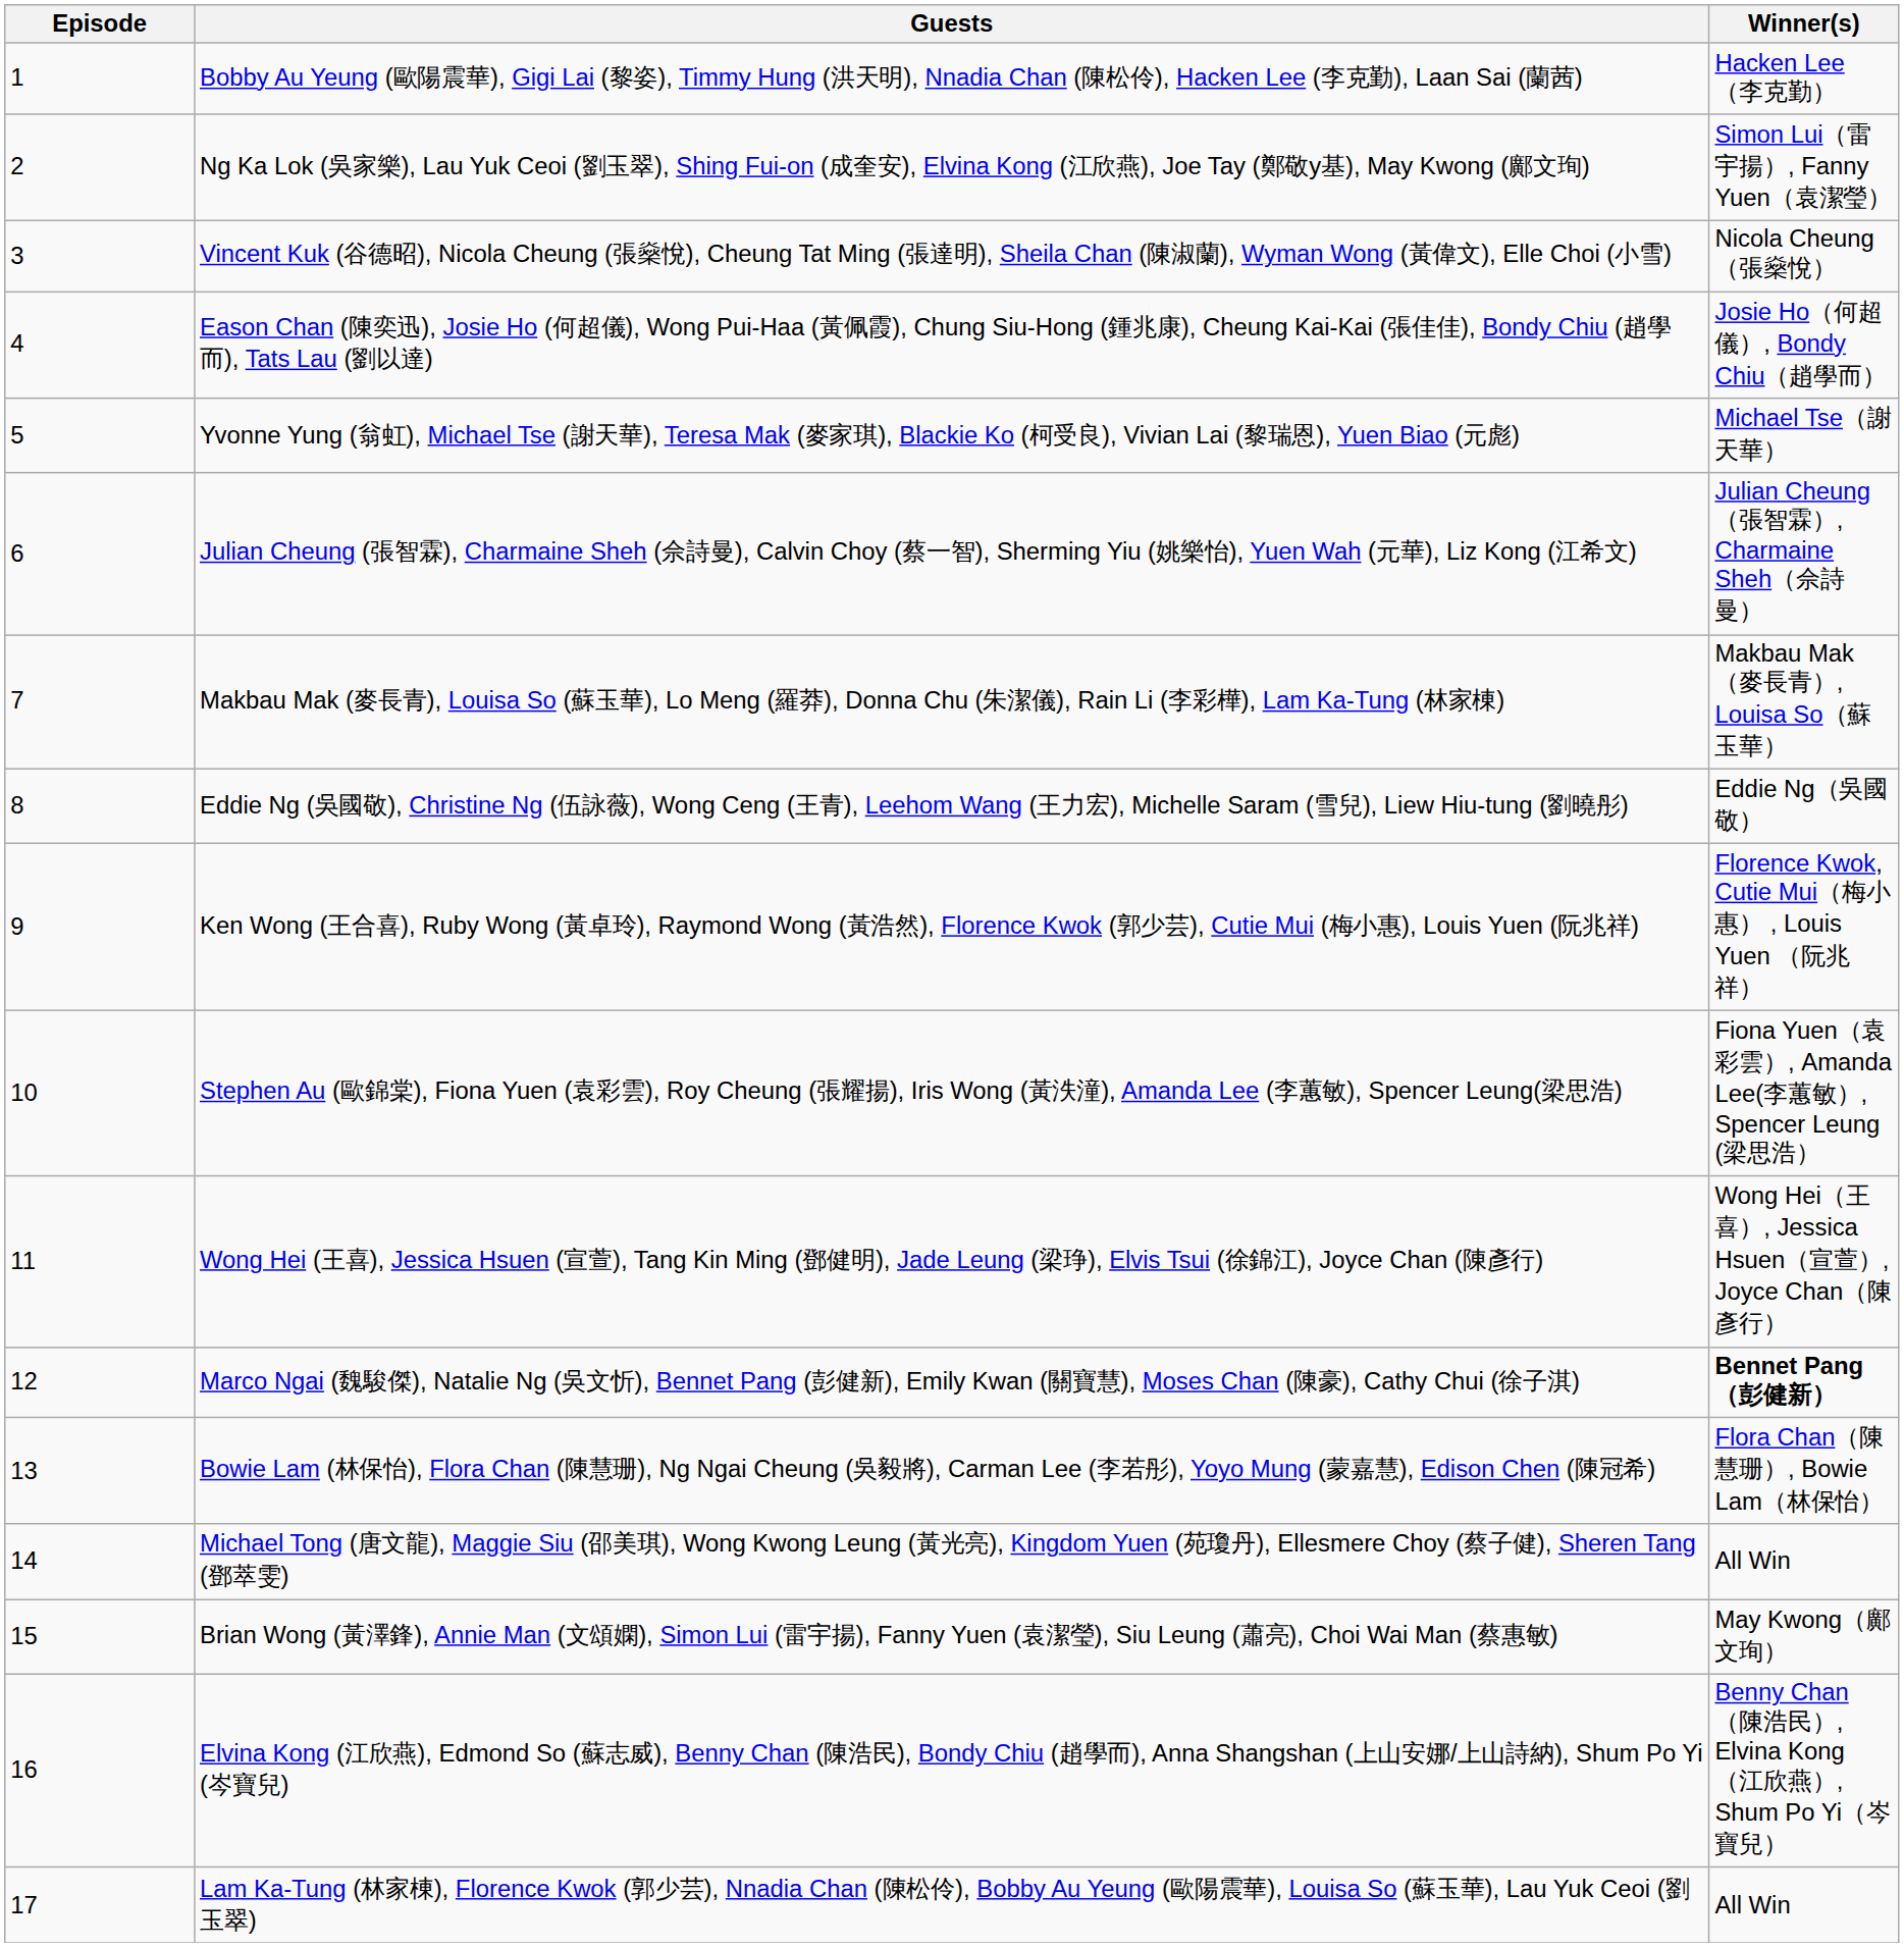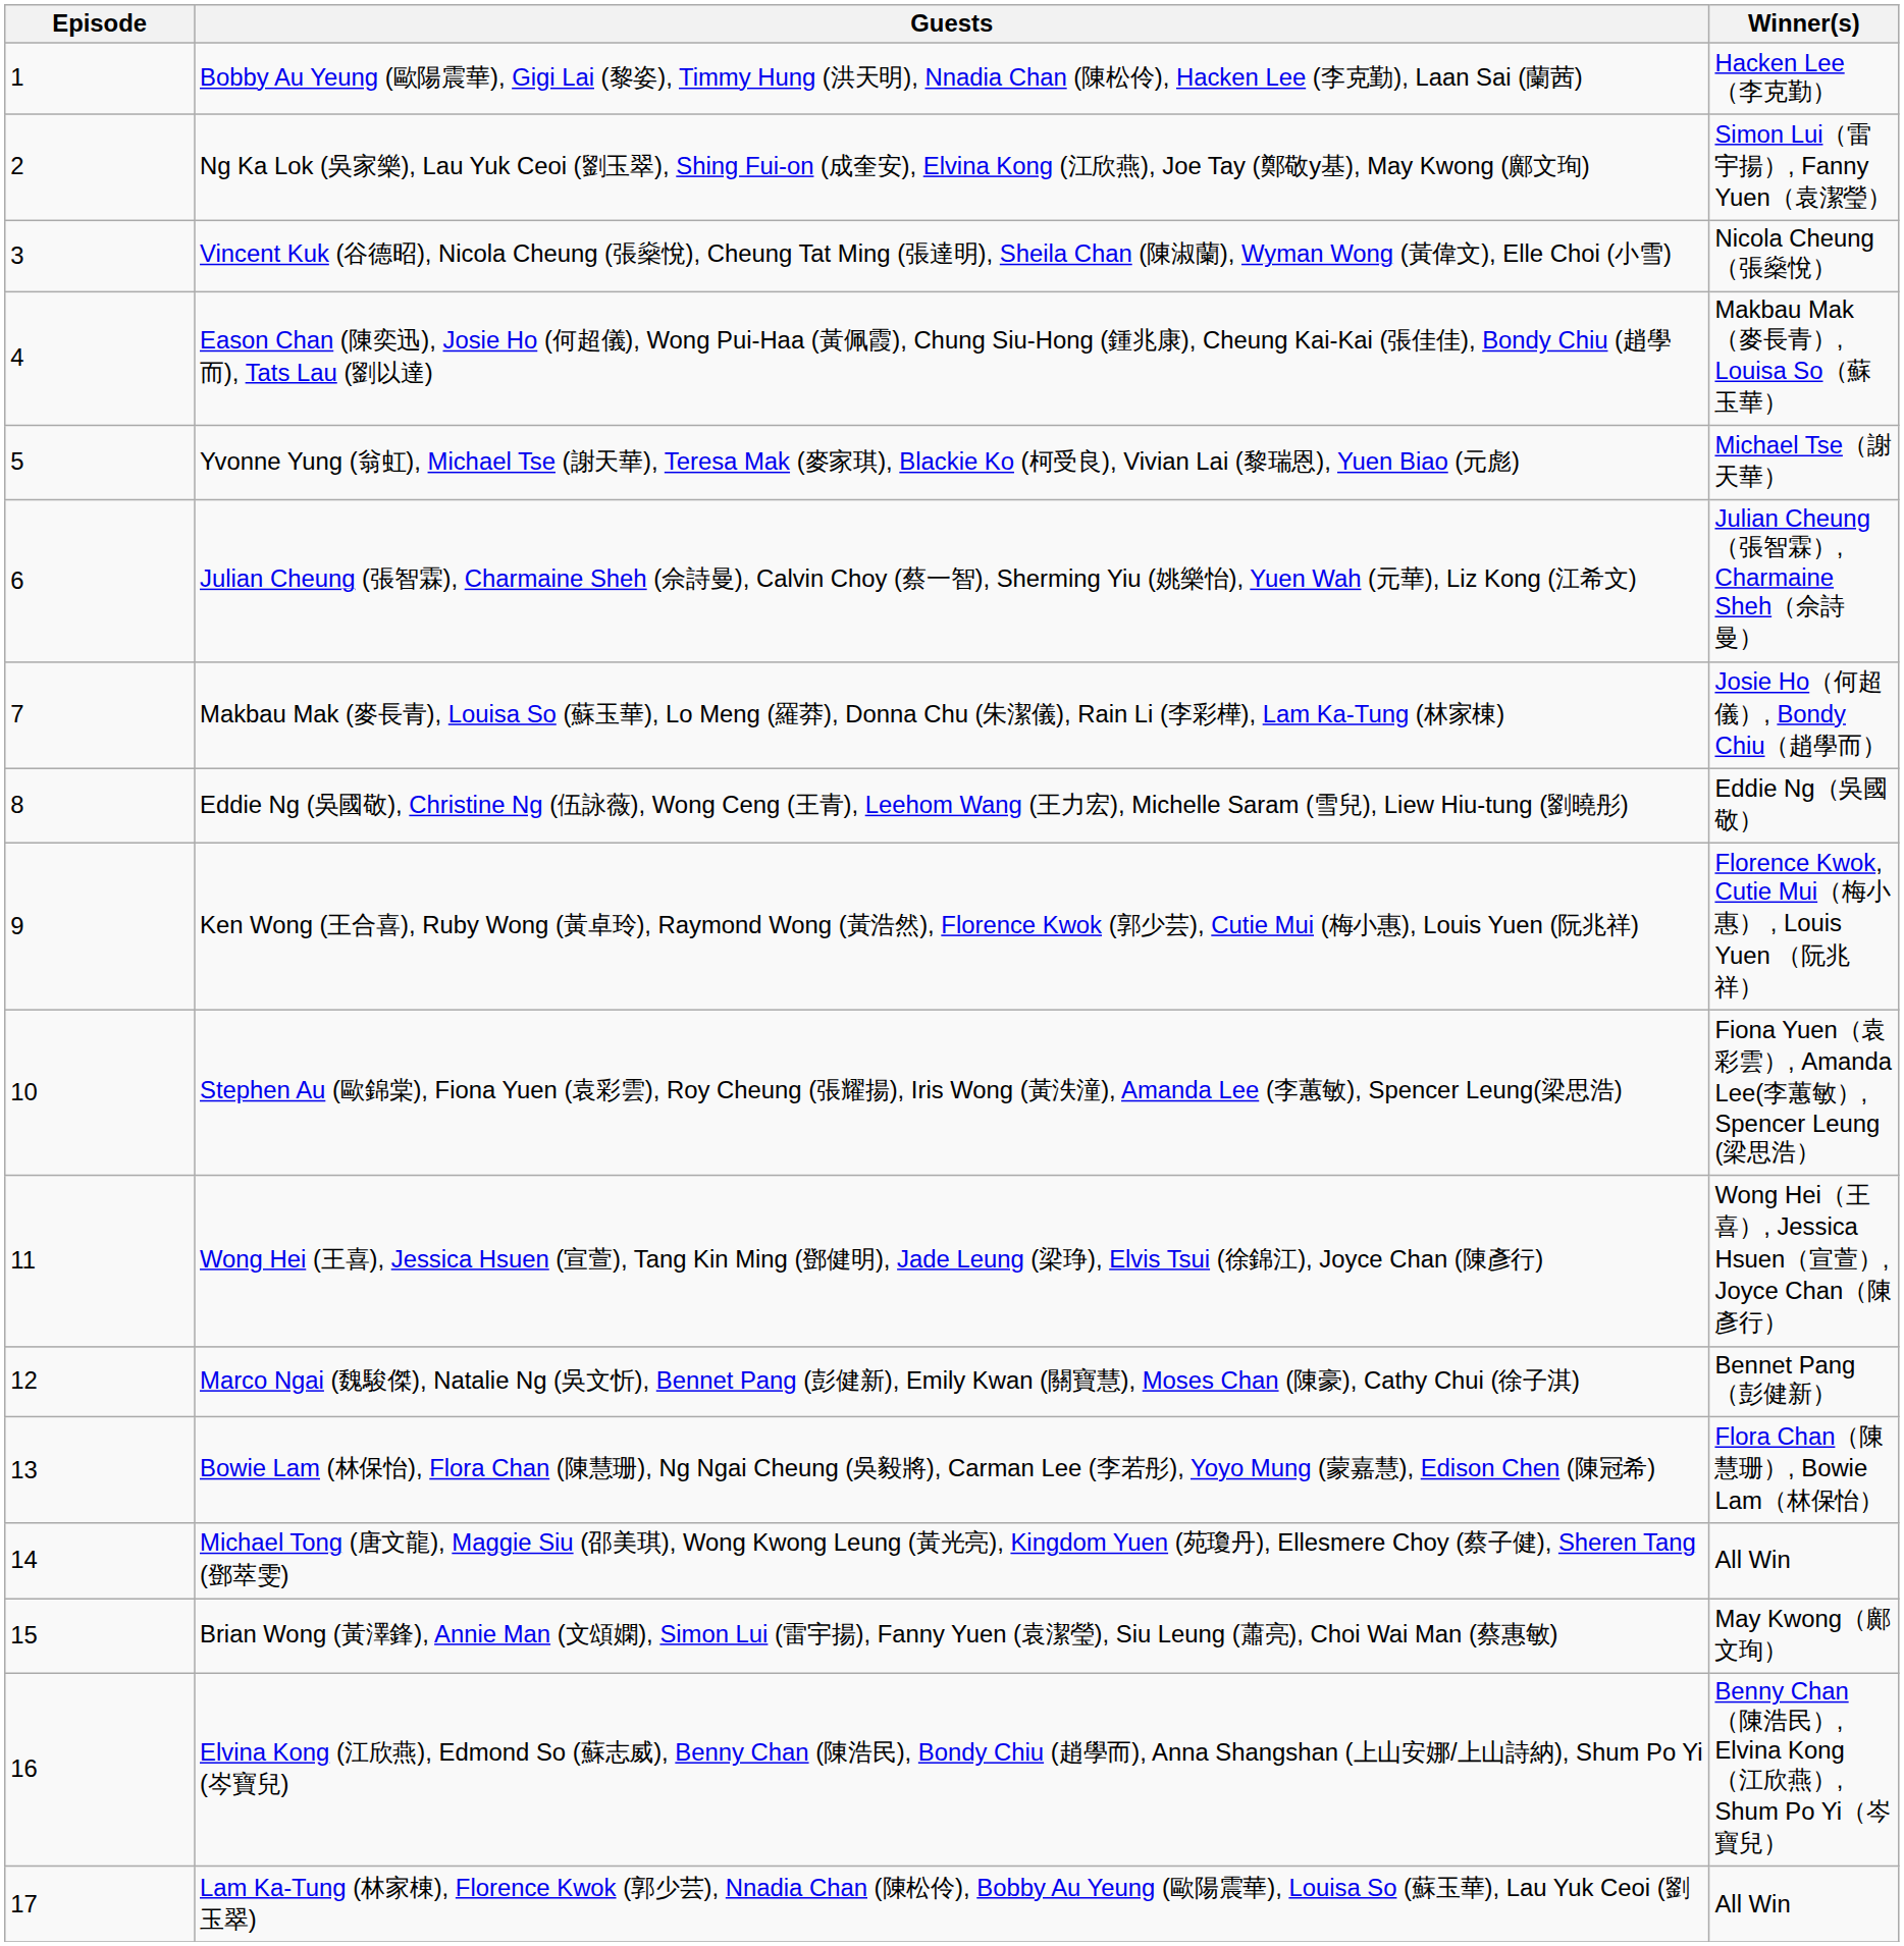 <table class="wikitable">
 <tr>
 <th style="width:10%;">Episode</th>
 <th style="width:80%;">Guests</th>
 <th style="width:10%;">Winner(s)</th>
 </tr>
 <tr>
 <td>1</td>
 <td><a href='#'>Bobby Au Yeung</a> (歐陽震華), <a href='#'>Gigi Lai</a> (黎姿), <a href='#'>Timmy Hung</a> (洪天明), <a href='#'>Nnadia Chan</a> (陳松伶), <a href='#'>Hacken Lee</a> (李克勤), Laan Sai (蘭茜)</td>
 <td><a href='#'>Hacken Lee</a>（李克勤）</td>
 </tr>
 <tr>
 <td>2</td>
 <td>Ng Ka Lok (吳家樂), Lau Yuk Ceoi (劉玉翠), <a href='#'>Shing Fui-on</a> (成奎安), <a href='#'>Elvina Kong</a> (江欣燕), Joe Tay (鄭敬y基), May Kwong (鄺文珣)</td>
 <td><a href='#'>Simon Lui</a>（雷宇揚）, Fanny Yuen（袁潔瑩）</td>
 </tr>
 <tr>
 <td>3</td>
 <td><a href='#'>Vincent Kuk</a> (谷德昭), Nicola Cheung (張燊悅), Cheung Tat Ming (張達明), <a href='#'>Sheila Chan</a> (陳淑蘭), <a href='#'>Wyman Wong</a> (黃偉文), Elle Choi (小雪)</td>
 <td>Nicola Cheung（張燊悅）</td>
 </tr>
 <tr>
 <td>4</td>
 <td><a href='#'>Eason Chan</a> (陳奕迅), <a href='#'>Josie Ho</a> (何超儀), Wong Pui-Haa (黃佩霞), Chung Siu-Hong (鍾兆康), Cheung Kai-Kai (張佳佳), <a href='#'>Bondy Chiu</a> (趙學而), <a href='#'>Tats Lau</a> (劉以達)</td>
-<td><a href='#'>Josie Ho</a>（何超儀）, <a href='#'>Bondy Chiu</a>（趙學而）</td>
+<td>Makbau Mak（麥長青）, <a href='#'>Louisa So</a>（蘇玉華）</td>
 </tr>
 <tr>
 <td>5</td>
 <td>Yvonne Yung (翁虹), <a href='#'>Michael Tse</a> (謝天華), <a href='#'>Teresa Mak</a> (麥家琪), <a href='#'>Blackie Ko</a> (柯受良), Vivian Lai (黎瑞恩), <a href='#'>Yuen Biao</a> (元彪)</td>
 <td><a href='#'>Michael Tse</a>（謝天華）</td>
 </tr>
 <tr>
 <td>6</td>
 <td><a href='#'>Julian Cheung</a> (張智霖), <a href='#'>Charmaine Sheh</a> (佘詩曼), Calvin Choy (蔡一智), Sherming Yiu (姚樂怡), <a href='#'>Yuen Wah</a> (元華), Liz Kong (江希文)</td>
 <td><a href='#'>Julian Cheung</a>（張智霖）, <a href='#'>Charmaine Sheh</a>（佘詩曼）</td>
 </tr>
 <tr>
 <td>7</td>
 <td>Makbau Mak (麥長青), <a href='#'>Louisa So</a> (蘇玉華), Lo Meng (羅莽), Donna Chu (朱潔儀), Rain Li (李彩樺), <a href='#'>Lam Ka-Tung</a> (林家棟)</td>
-<td>Makbau Mak（麥長青）, <a href='#'>Louisa So</a>（蘇玉華）</td>
+<td><a href='#'>Josie Ho</a>（何超儀）, <a href='#'>Bondy Chiu</a>（趙學而）</td>
 </tr>
 <tr>
 <td>8</td>
 <td>Eddie Ng (吳國敬), <a href='#'>Christine Ng</a> (伍詠薇), Wong Ceng (王青), <a href='#'>Leehom Wang</a> (王力宏), Michelle Saram (雪兒), Liew Hiu-tung (劉曉彤)</td>
 <td>Eddie Ng（吳國敬）</td>
 </tr>
 <tr>
 <td>9</td>
 <td>Ken Wong (王合喜), Ruby Wong (黃卓玲), Raymond Wong (黃浩然), <a href='#'>Florence Kwok</a> (郭少芸), <a href='#'>Cutie Mui</a> (梅小惠), Louis Yuen (阮兆祥)</td>
 <td><a href='#'>Florence Kwok</a>,  <a href='#'>Cutie Mui</a>（梅小惠） , Louis Yuen （阮兆祥）</td>
 </tr>
 <tr>
 <td>10</td>
 <td><a href='#'>Stephen Au</a> (歐錦棠), Fiona Yuen (袁彩雲), Roy Cheung (張耀揚), Iris Wong (黃泆潼), <a href='#'>Amanda Lee</a> (李蕙敏), Spencer Leung(梁思浩)</td>
 <td>Fiona Yuen（袁彩雲）, Amanda Lee(李蕙敏）, Spencer Leung (梁思浩）</td>
 </tr>
 <tr>
 <td>11</td>
 <td><a href='#'>Wong Hei</a> (王喜), <a href='#'>Jessica Hsuen</a> (宣萱), Tang Kin Ming (鄧健明), <a href='#'>Jade Leung</a> (梁琤), <a href='#'>Elvis Tsui</a> (徐錦江), Joyce Chan (陳彥行)</td>
 <td>Wong Hei（王喜）, Jessica Hsuen（宣萱）, Joyce Chan（陳彥行）</td>
 </tr>
 <tr>
 <td>12</td>
 <td><a href='#'>Marco Ngai</a> (魏駿傑), Natalie Ng (吳文忻), <a href='#'>Bennet Pang</a> (彭健新), Emily Kwan (關寶慧), <a href='#'>Moses Chan</a> (陳豪), Cathy Chui (徐子淇)</td>
-<td><strong>Bennet Pang（彭健新）</strong></td>
+<td>Bennet Pang（彭健新）</td>
 </tr>
 <tr>
 <td>13</td>
 <td><a href='#'>Bowie Lam</a> (林保怡), <a href='#'>Flora Chan</a> (陳慧珊), Ng Ngai Cheung (吳毅將), Carman Lee (李若彤), <a href='#'>Yoyo Mung</a> (蒙嘉慧), <a href='#'>Edison Chen</a> (陳冠希)</td>
 <td><a href='#'>Flora Chan</a>（陳慧珊）, Bowie Lam（林保怡）</td>
 </tr>
 <tr>
 <td>14</td>
 <td><a href='#'>Michael Tong</a> (唐文龍), <a href='#'>Maggie Siu</a> (邵美琪), Wong Kwong Leung (黃光亮), <a href='#'>Kingdom Yuen</a> (苑瓊丹), Ellesmere Choy (蔡子健), <a href='#'>Sheren Tang</a> (鄧萃雯)</td>
 <td>All Win</td>
 </tr>
 <tr>
 <td>15</td>
 <td>Brian Wong (黃澤鋒), <a href='#'>Annie Man</a> (文頌嫻), <a href='#'>Simon Lui</a> (雷宇揚), Fanny Yuen (袁潔瑩), Siu Leung (蕭亮), Choi Wai Man (蔡惠敏)</td>
 <td>May Kwong（鄺文珣）</td>
 </tr>
 <tr>
 <td>16</td>
 <td><a href='#'>Elvina Kong</a> (江欣燕), Edmond So (蘇志威), <a href='#'>Benny Chan</a> (陳浩民), <a href='#'>Bondy Chiu</a> (趙學而), Anna Shangshan (上山安娜/上山詩納), Shum Po Yi (岑寶兒)</td>
 <td><a href='#'>Benny Chan</a>（陳浩民）, Elvina Kong（江欣燕）, Shum Po Yi（岑寶兒）</td>
 </tr>
 <tr>
 <td>17</td>
 <td><a href='#'>Lam Ka-Tung</a> (林家棟), <a href='#'>Florence Kwok</a> (郭少芸), <a href='#'>Nnadia Chan</a> (陳松伶), <a href='#'>Bobby Au Yeung</a> (歐陽震華), <a href='#'>Louisa So</a> (蘇玉華), Lau Yuk Ceoi (劉玉翠)</td>
 <td>All Win</td>
 </tr>
 </table>
